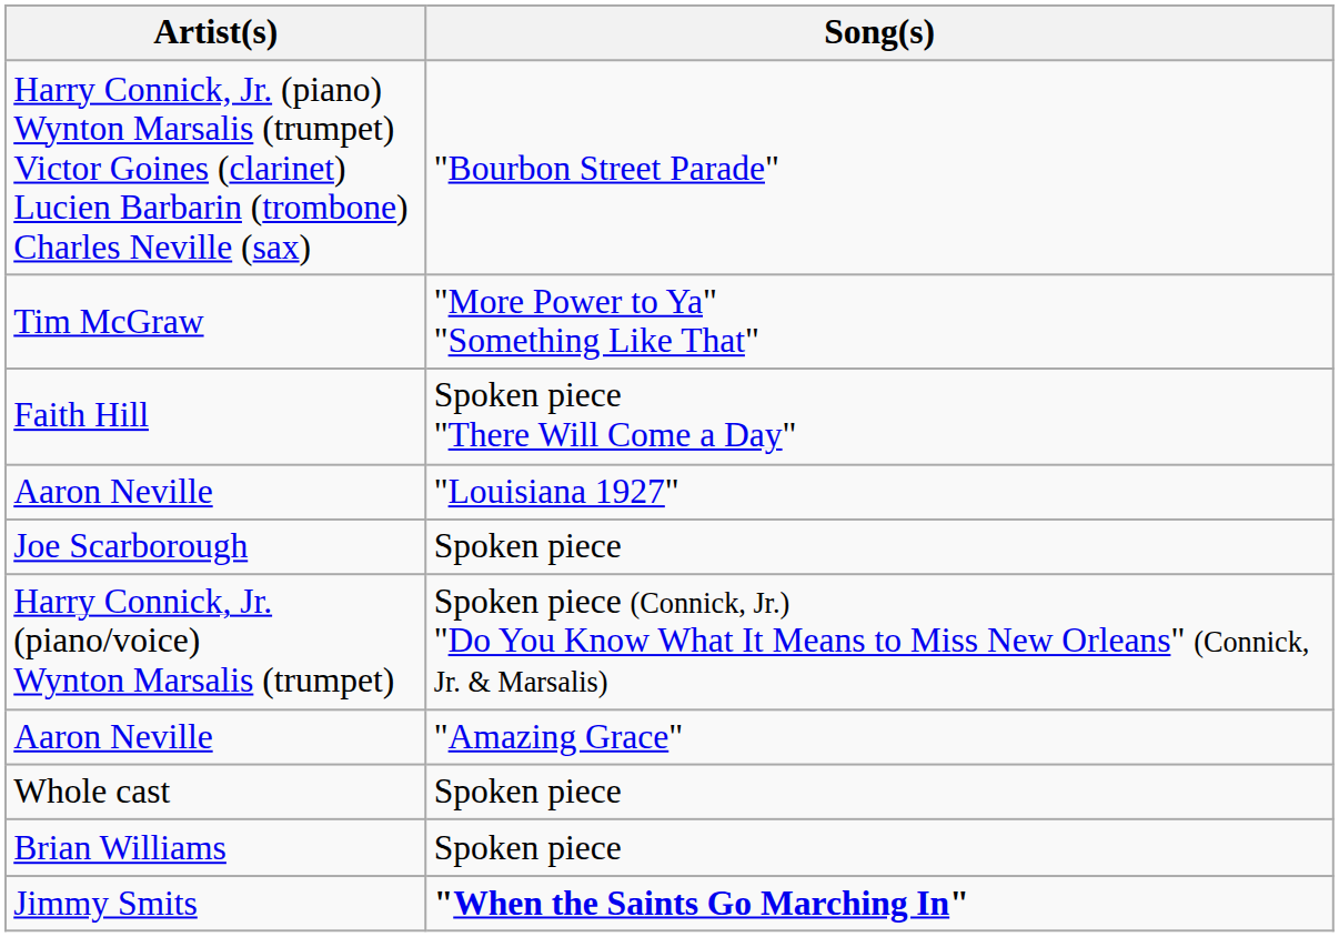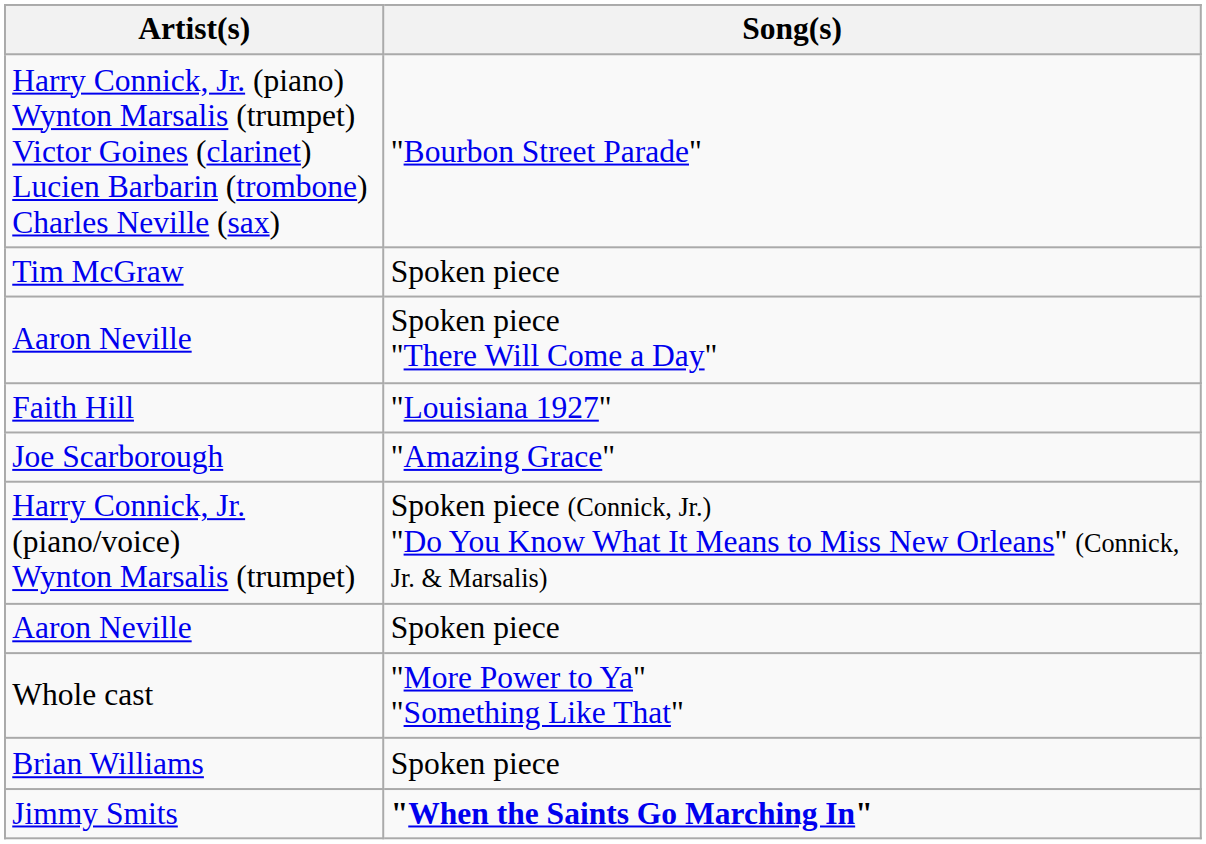 <table class="wikitable">
 <tr>
 <th>Artist(s)</th>
 <th>Song(s)</th>
 </tr>
 <tr>
 <td><a href='#'>Harry Connick, Jr.</a> (piano)<br><a href='#'>Wynton Marsalis</a> (trumpet)<br><a href='#'>Victor Goines</a> (<a href='#'>clarinet</a>)<br><a href='#'>Lucien Barbarin</a> (<a href='#'>trombone</a>)<br><a href='#'>Charles Neville</a> (<a href='#'>sax</a>)</td>
 <td>"<a href='#'>Bourbon Street Parade</a>"</td>
 </tr>
 <tr>
 <td><a href='#'>Tim McGraw</a></td>
-<td>"<a href='#'>More Power to Ya</a>"<br>"<a href='#'>Something Like That</a>"</td>
+<td>Spoken piece</td>
+</tr>
+<tr>
+<td><a href='#'>Aaron Neville</a></td>
+<td>Spoken piece<br>"<a href='#'>There Will Come a Day</a>"</td>
 </tr>
 <tr>
 <td><a href='#'>Faith Hill</a></td>
-<td>Spoken piece<br>"<a href='#'>There Will Come a Day</a>"</td>
-</tr>
-<tr>
-<td><a href='#'>Aaron Neville</a></td>
 <td>"<a href='#'>Louisiana 1927</a>"</td>
 </tr>
 <tr>
 <td><a href='#'>Joe Scarborough</a></td>
-<td>Spoken piece</td>
+<td>"<a href='#'>Amazing Grace</a>"</td>
 </tr>
 <tr>
 <td><a href='#'>Harry Connick, Jr.</a> (piano/voice)<br> <a href='#'>Wynton Marsalis</a> (trumpet)</td>
 <td>Spoken piece <small>(Connick, Jr.)</small><br>"<a href='#'>Do You Know What It Means to Miss New Orleans</a>" <small>(Connick, Jr. & Marsalis)</small></td>
 </tr>
 <tr>
 <td><a href='#'>Aaron Neville</a></td>
-<td>"<a href='#'>Amazing Grace</a>"</td>
+<td>Spoken piece</td>
 </tr>
 <tr>
 <td>Whole cast</td>
-<td>Spoken piece</td>
+<td>"<a href='#'>More Power to Ya</a>"<br>"<a href='#'>Something Like That</a>"</td>
 </tr>
 <tr>
 <td><a href='#'>Brian Williams</a></td>
 <td>Spoken piece</td>
 </tr>
 <tr>
 <td><a href='#'>Jimmy Smits</a></td>
 <td><strong>"<a href='#'>When the Saints Go Marching In</a>"</strong></td>
 </tr>
 </table>
